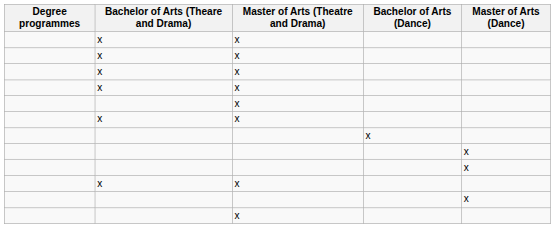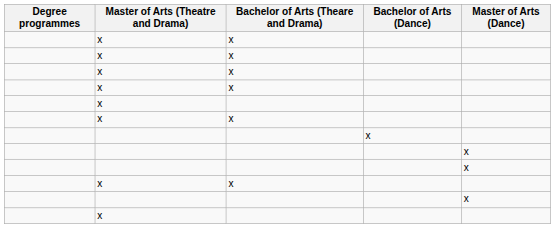 <table class="wikitable">
 <tr>
 <th>Degree programmes</th>
+<th>Master of Arts (Theatre and Drama)</th>
 <th>Bachelor of Arts (Theare and Drama)</th>
-<th>Master of Arts (Theatre and Drama)</th>
 <th>Bachelor of Arts (Dance)</th>
 <th>Master of Arts (Dance)</th>
 </tr>
 <tr>
 <td></td>
 <td>x</td>
 <td>x</td>
 <td></td>
 <td></td>
 </tr>
 <tr>
 <td></td>
 <td>x</td>
 <td>x</td>
 <td></td>
 <td></td>
 </tr>
 <tr>
 <td></td>
 <td>x</td>
 <td>x</td>
 <td></td>
 <td></td>
 </tr>
 <tr>
 <td></td>
 <td>x</td>
 <td>x</td>
 <td></td>
 <td></td>
 </tr>
 <tr>
 <td></td>
+<td>x</td>
 <td></td>
-<td>x</td>
 <td></td>
 <td></td>
 </tr>
 <tr>
 <td></td>
 <td>x</td>
 <td>x</td>
 <td></td>
 <td></td>
 </tr>
 <tr>
 <td></td>
 <td></td>
 <td></td>
 <td>x</td>
 <td></td>
 </tr>
 <tr>
 <td></td>
 <td></td>
 <td></td>
 <td></td>
 <td>x</td>
 </tr>
 <tr>
 <td></td>
 <td></td>
 <td></td>
 <td></td>
 <td>x</td>
 </tr>
 <tr>
 <td></td>
 <td>x</td>
 <td>x</td>
 <td></td>
 <td></td>
 </tr>
 <tr>
 <td></td>
 <td></td>
 <td></td>
 <td></td>
 <td>x</td>
 </tr>
 <tr>
 <td></td>
+<td>x</td>
 <td></td>
-<td>x</td>
 <td></td>
 <td></td>
 </tr>
 </table>
